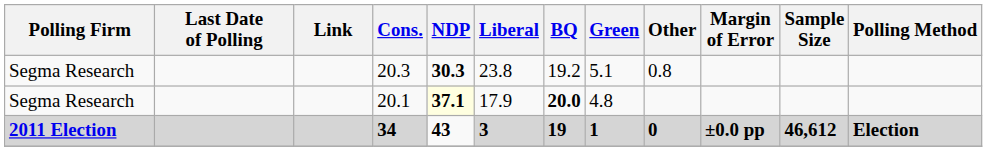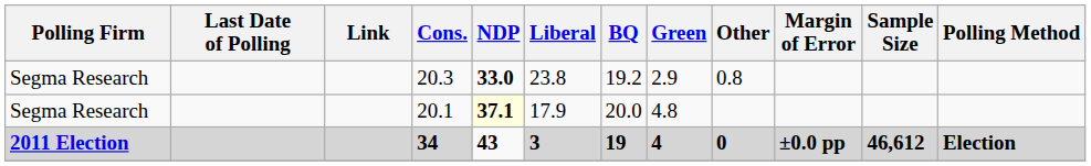 <table class="wikitable sortable">
 <tr style="background:#e9e9e9;">
 <th style="width:120px">Polling Firm</th>
 <th style="width:110px">Last Date<br>of Polling</th>
 <th style="width:60px" class="unsortable">Link</th>
 <th style="background-color:"><strong><a href='#'>Cons.</a></strong></th>
 <th style="background-color:"><strong><a href='#'>NDP</a></strong></th>
 <th style="background-color:"><strong><a href='#'>Liberal</a></strong></th>
 <th style="background-color:"><strong><a href='#'>BQ</a></strong></th>
 <th style="background-color:"><strong><a href='#'>Green</a></strong></th>
 <th style="background-color:"><strong>Other</strong></th>
 <th style="width:60px;" class=unsortable>Margin<br>of Error</th>
 <th style="width:50px;" class=unsortable>Sample<br>Size</th>
 <th class=unsortable>Polling Method</th>
 </tr>
 <tr>
 <td>Segma Research</td>
 <td></td>
 <td></td>
 <td>20.3</td>
-<td><strong>30.3</strong></td>
+<td><strong>33.0</strong></td>
 <td>23.8</td>
 <td>19.2</td>
-<td>5.1</td>
+<td>2.9</td>
 <td>0.8</td>
 <td></td>
 <td></td>
 <td></td>
 </tr>
 <tr>
 <td>Segma Research</td>
 <td></td>
 <td></td>
 <td>20.1</td>
 <td style="background: lightyellow;"><strong>37.1</strong></td>
 <td>17.9</td>
-<td><strong>20.0</strong></td>
+<td>20.0</td>
 <td>4.8</td>
 <td></td>
 <td></td>
 <td></td>
 <td></td>
 </tr>
 <tr>
 <td style="background:#D5D5D5"><strong><a href='#'>2011 Election</a></strong></td>
 <td style="background:#D5D5D5"><strong></strong></td>
 <td style="background:#D5D5D5"></td>
 <td style="background:#D5D5D5"><strong>34</strong></td>
 <td><strong>43</strong></td>
 <td style="background:#D5D5D5"><strong>3</strong></td>
 <td style="background:#D5D5D5"><strong>19</strong></td>
-<td style="background:#D5D5D5"><strong>1</strong></td>
+<td style="background:#D5D5D5"><strong>4</strong></td>
 <td style="background:#D5D5D5"><strong>0</strong></td>
 <td style="background:#D5D5D5"><strong>±0.0 pp</strong></td>
 <td style="background:#D5D5D5"><strong>46,612</strong></td>
 <td style="background:#D5D5D5"><strong>Election</strong></td>
 </tr>
 <tr>
 </tr>
 <tr>
 </tr>
 </table>
